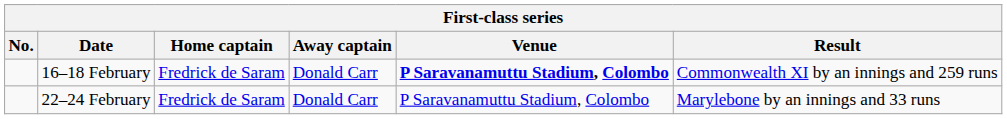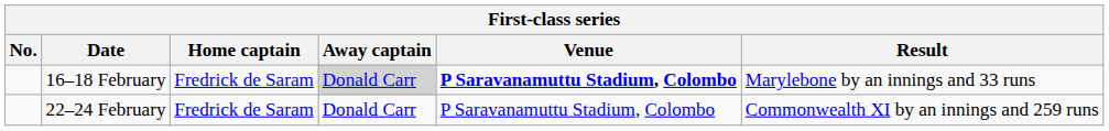 <table class="wikitable">
 <tr>
 <th colspan="9">First-class series</th>
 </tr>
 <tr>
 <th>No.</th>
 <th>Date</th>
 <th>Home captain</th>
 <th>Away captain</th>
 <th>Venue</th>
 <th>Result</th>
 </tr>
 <tr>
 <td></td>
 <td>16–18 February</td>
 <td><a href='#'>Fredrick de Saram</a></td>
-<td><a href='#'>Donald Carr</a></td>
+<td style="background: lightgrey;"><a href='#'>Donald Carr</a></td>
 <td><strong><a href='#'>P Saravanamuttu Stadium</a>, <a href='#'>Colombo</a></strong></td>
-<td><a href='#'>Commonwealth XI</a> by an innings and 259 runs</td>
+<td><a href='#'>Marylebone</a> by an innings and 33 runs</td>
 </tr>
 <tr>
 <td></td>
 <td>22–24 February</td>
 <td><a href='#'>Fredrick de Saram</a></td>
 <td><a href='#'>Donald Carr</a></td>
 <td><a href='#'>P Saravanamuttu Stadium</a>, <a href='#'>Colombo</a></td>
-<td><a href='#'>Marylebone</a> by an innings and 33 runs</td>
+<td><a href='#'>Commonwealth XI</a> by an innings and 259 runs</td>
 </tr>
 </table>
